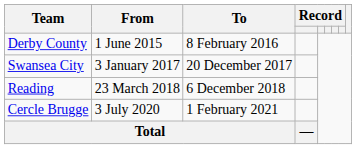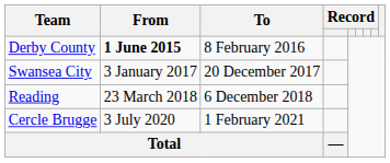 <table class=wikitable style="text-align: center">
 <tr>
 <th rowspan=2>Team</th>
 <th rowspan=2>From</th>
 <th rowspan=2>To</th>
 <th colspan=5>Record</th>
 <th rowspan=2></th>
 </tr>
 <tr>
 <th></th>
 <th></th>
 <th></th>
 <th></th>
 <th></th>
 </tr>
 <tr>
 <td align=left><a href='#'>Derby County</a></td>
-<td align=left>1 June 2015</td>
+<td align=left><strong>1 June 2015</strong></td>
 <td align=left>8 February 2016<br></td>
 <td></td>
 </tr>
 <tr>
 <td align=left><a href='#'>Swansea City</a></td>
 <td align=left>3 January 2017</td>
 <td align=left>20 December 2017<br></td>
 <td></td>
 </tr>
 <tr>
 <td align=left><a href='#'>Reading</a></td>
 <td align=left>23 March 2018</td>
 <td align=left>6 December 2018<br></td>
 <td></td>
 </tr>
 <tr>
 <td align=left><a href='#'>Cercle Brugge</a></td>
 <td align=left>3 July 2020</td>
 <td align=left>1 February 2021<br></td>
 <td></td>
 </tr>
 <tr>
 <th colspan=3>Total<br></th>
 <th>—</th>
 </tr>
 </table>
